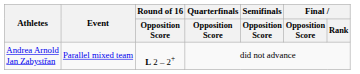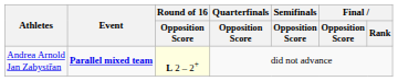 <table class="wikitable" style="font-size:90%">
 <tr>
 <th rowspan=2>Athletes</th>
 <th rowspan=2>Event</th>
 <th>Round of 16</th>
 <th>Quarterfinals</th>
 <th>Semifinals</th>
 <th colspan=2>Final / </th>
 </tr>
 <tr style="font-size:95%">
 <th>Opposition<br>Score</th>
 <th>Opposition<br>Score</th>
 <th>Opposition<br>Score</th>
 <th>Opposition<br>Score</th>
 <th>Rank</th>
 </tr>
 <tr align=center>
 <td align=left><a href='#'>Andrea Arnold</a><br><a href='#'>Jan Zabystřan</a></td>
-<td align=left><a href='#'>Parallel mixed team</a></td>
-<td><br><strong>L</strong> 2 – 2<sup>+</sup></td>
+<td align=left><strong><a href='#'>Parallel mixed team</a></strong></td>
+<td style="background: lightyellow;"><br><strong>L</strong> 2 – 2<sup>+</sup></td>
 <td colspan=4>did not advance</td>
 </tr>
 </table>
